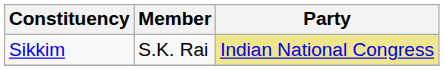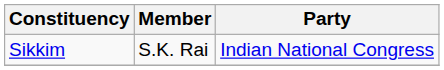 <table class="wikitable sortable">
 <tr>
 <th>Constituency</th>
 <th>Member</th>
 <th>Party</th>
 </tr>
 <tr>
 <td><a href='#'>Sikkim</a></td>
 <td>S.K. Rai</td>
-<td style="background: khaki;"><a href='#'>Indian National Congress</a></td>
+<td><a href='#'>Indian National Congress</a></td>
 </tr>
 <tr>
 </tr>
 </table>
